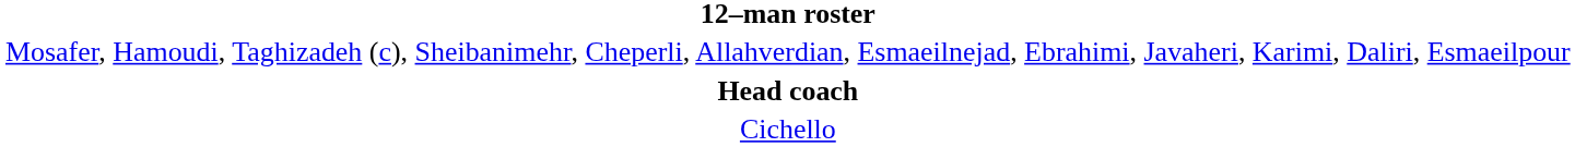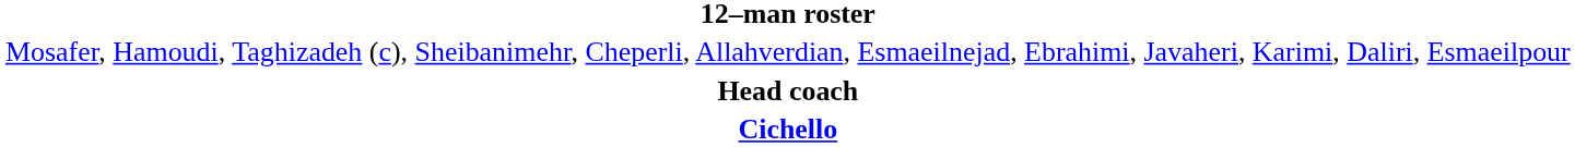 <table style="text-align:center; margin-top:2em; margin-left:auto; margin-right:auto">
 <tr>
 <td><strong>12–man roster</strong></td>
 </tr>
 <tr>
 <td><a href='#'>Mosafer</a>, <a href='#'>Hamoudi</a>, <a href='#'>Taghizadeh</a> (<a href='#'>c</a>), <a href='#'>Sheibanimehr</a>, <a href='#'>Cheperli</a>, <a href='#'>Allahverdian</a>, <a href='#'>Esmaeilnejad</a>, <a href='#'>Ebrahimi</a>, <a href='#'>Javaheri</a>, <a href='#'>Karimi</a>, <a href='#'>Daliri</a>, <a href='#'>Esmaeilpour</a></td>
 </tr>
 <tr>
 <td><strong>Head coach</strong></td>
 </tr>
 <tr>
-<td><a href='#'>Cichello</a></td>
+<td><strong><a href='#'>Cichello</a></strong></td>
 </tr>
 </table>
